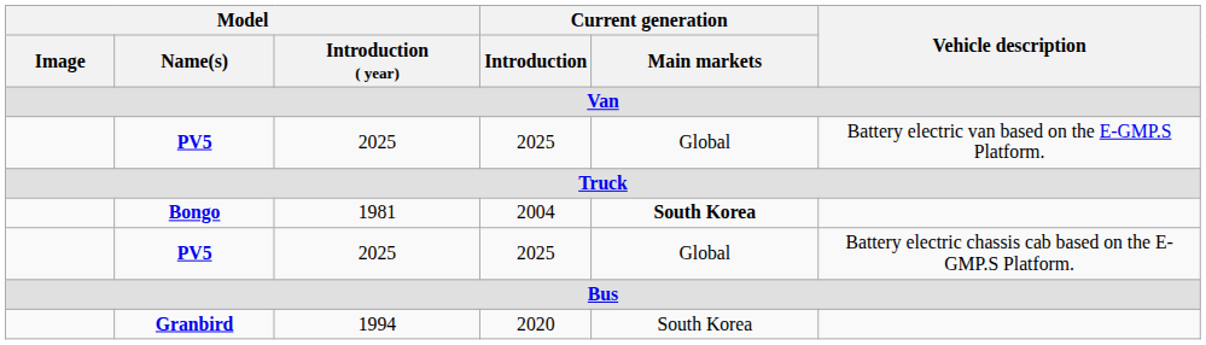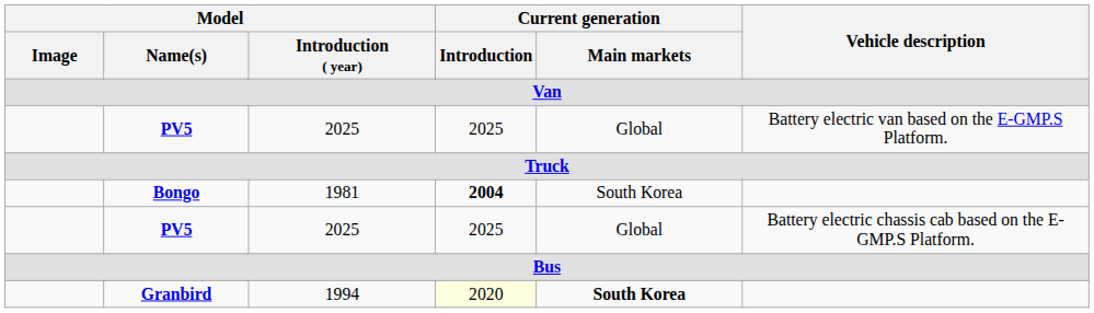 <table class="wikitable" style="text-align: center; width: 80%">
 <tr>
 <th colspan="3">Model</th>
 <th colspan="2">Current generation</th>
 <th rowspan="2" width="32%" cellpadding="32px">Vehicle description</th>
 </tr>
 <tr>
 <th><strong>Image</strong></th>
 <th>Name(s)</th>
 <th>Introduction<br><small>( year)</small></th>
 <th width="7%">Introduction</th>
 <th>Main markets</th>
 </tr>
 <tr bgcolor="#e0e0e0">
 <td colspan="7"><strong><a href='#'>Van</a></strong></td>
 </tr>
 <tr>
 <td></td>
 <td><strong><a href='#'>PV5</a></strong></td>
 <td>2025</td>
 <td>2025</td>
 <td>Global</td>
 <td>Battery electric van based on the <a href='#'>E-GMP.S</a> Platform.</td>
 </tr>
 <tr bgcolor="#e0e0e0">
 <td colspan="7"><strong><a href='#'>Truck</a></strong></td>
 </tr>
 <tr>
 <td></td>
 <td><a href='#'><strong>Bongo</strong></a></td>
 <td>1981</td>
-<td>2004</td>
-<td><strong>South Korea</strong></td>
+<td><strong>2004</strong></td>
+<td>South Korea</td>
 <td></td>
 </tr>
 <tr>
 <td></td>
 <td><strong><a href='#'>PV5</a></strong></td>
 <td>2025</td>
 <td>2025</td>
 <td>Global</td>
 <td>Battery electric chassis cab based on the E-GMP.S Platform.</td>
 </tr>
 <tr bgcolor="#e0e0e0">
 <td colspan="7"><strong><a href='#'>Bus</a></strong></td>
 </tr>
 <tr>
 <td></td>
 <td><a href='#'><strong>Granbird</strong></a></td>
 <td>1994</td>
-<td>2020</td>
-<td>South Korea</td>
+<td style="background: lightyellow;">2020</td>
+<td><strong>South Korea</strong></td>
 <td></td>
 </tr>
 </table>
